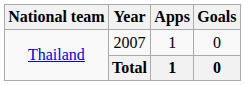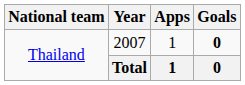 <table class="wikitable" style="text-align:center">
 <tr>
 <th>National team</th>
 <th>Year</th>
 <th>Apps</th>
 <th>Goals</th>
 </tr>
 <tr>
 <td rowspan="2" valign="center"><a href='#'>Thailand</a></td>
 <td>2007</td>
 <td>1</td>
-<td>0</td>
+<td><strong>0</strong></td>
 </tr>
 <tr>
 <th>Total</th>
 <th>1</th>
 <th>0</th>
 </tr>
 </table>
